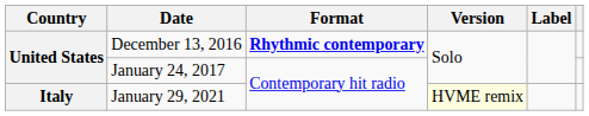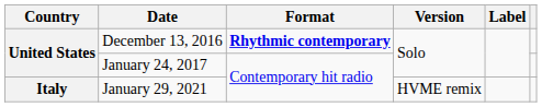 <table class="wikitable plainrowheaders">
 <tr>
 <th scope="col">Country</th>
 <th scope="col">Date</th>
 <th scope="col">Format</th>
 <th scope="col">Version</th>
 <th scope="col">Label</th>
 <th scope="col"></th>
 </tr>
 <tr>
 <th scope="row" rowspan="2">United States</th>
 <td>December 13, 2016</td>
 <td><strong><a href='#'>Rhythmic contemporary</a></strong></td>
 <td rowspan="2">Solo</td>
 <td rowspan="2"></td>
 <td align="center"></td>
 </tr>
 <tr>
 <td>January 24, 2017</td>
 <td rowspan="2"><a href='#'>Contemporary hit radio</a></td>
 <td align="center"></td>
 </tr>
 <tr>
 <th scope="row">Italy</th>
 <td>January 29, 2021</td>
-<td style="background: lightyellow;">HVME remix</td>
+<td>HVME remix</td>
 <td></td>
 <td align="center"></td>
 </tr>
 </table>
